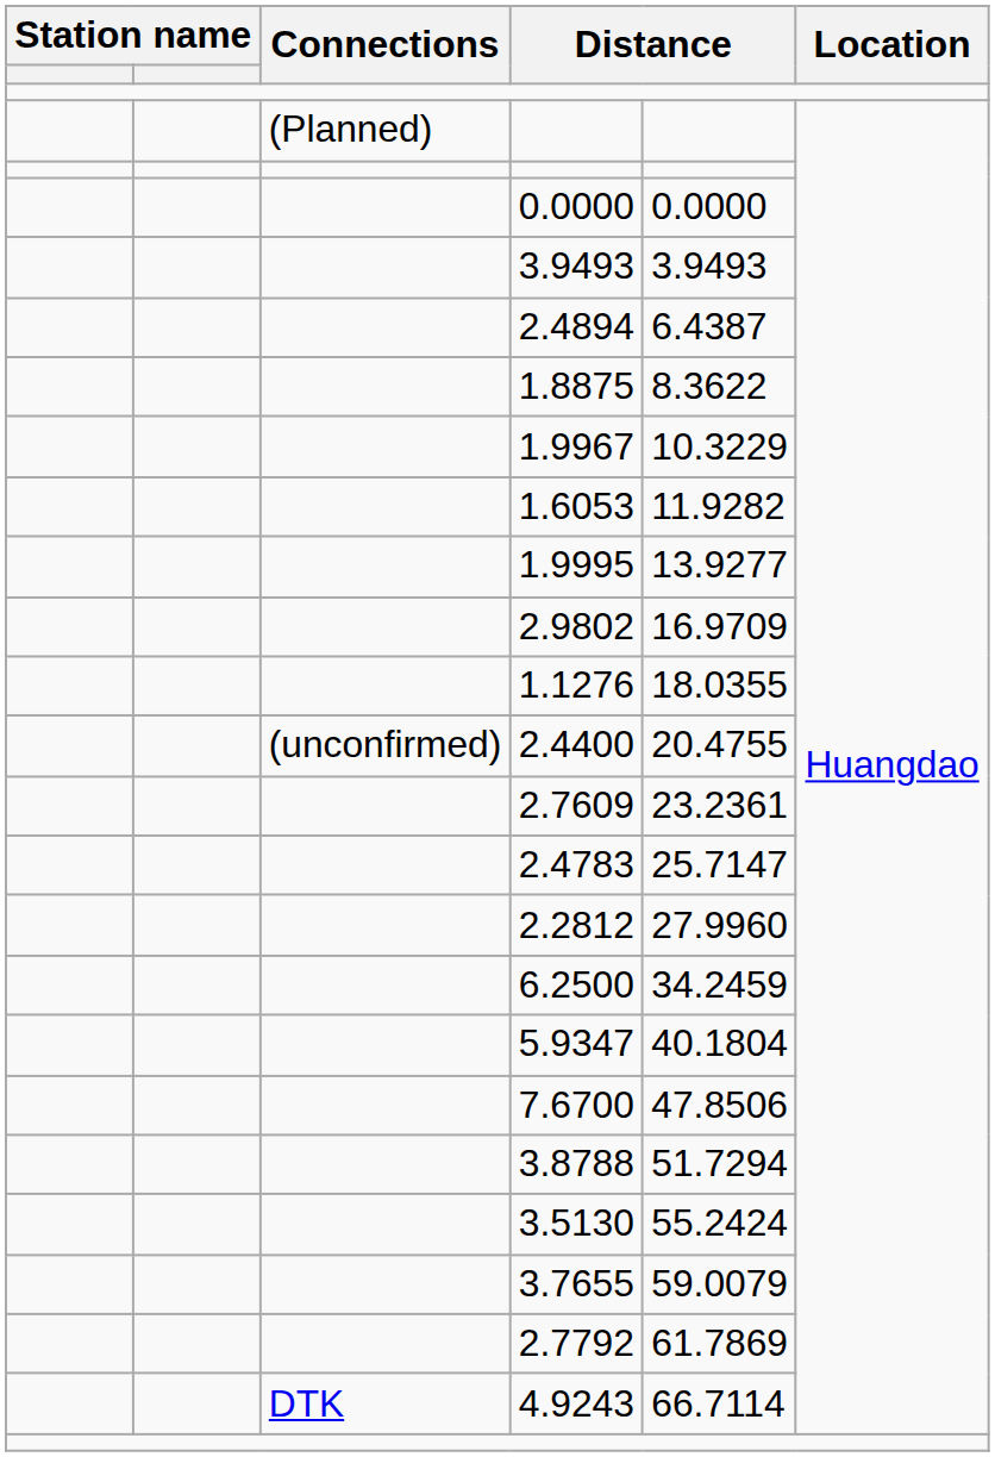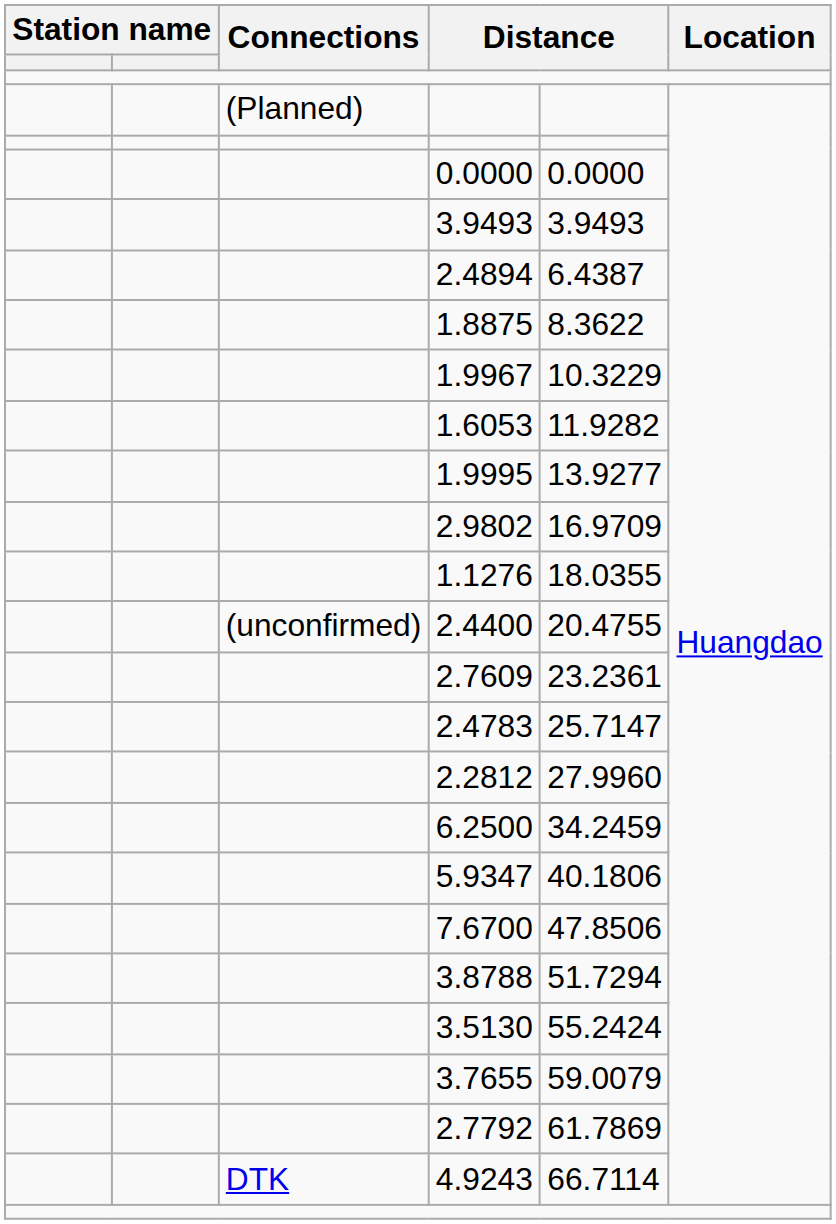 <table class="wikitable">
 <tr>
 <th colspan=2>Station name</th>
 <th rowspan=2>Connections</th>
 <th colspan="2" rowspan="2">Distance<br></th>
 <th rowspan=2>Location</th>
 </tr>
 <tr>
 <th></th>
 <th></th>
 </tr>
 <tr style="background:#">
 <td colspan = "6"></td>
 </tr>
 <tr>
 <td></td>
 <td></td>
 <td> (Planned)</td>
 <td></td>
 <td></td>
 <td rowspan="23"><a href='#'>Huangdao</a></td>
 </tr>
 <tr>
 <td></td>
 <td></td>
 <td></td>
 <td></td>
 <td></td>
 </tr>
 <tr>
 <td></td>
 <td></td>
 <td></td>
 <td>0.0000</td>
 <td>0.0000</td>
 </tr>
 <tr>
 <td></td>
 <td></td>
 <td></td>
 <td>3.9493</td>
 <td>3.9493</td>
 </tr>
 <tr>
 <td></td>
 <td></td>
 <td></td>
 <td>2.4894</td>
 <td>6.4387</td>
 </tr>
 <tr>
 <td></td>
 <td></td>
 <td></td>
 <td>1.8875</td>
 <td>8.3622</td>
 </tr>
 <tr>
 <td></td>
 <td></td>
 <td></td>
 <td>1.9967</td>
 <td>10.3229</td>
 </tr>
 <tr>
 <td></td>
 <td></td>
 <td></td>
 <td>1.6053</td>
 <td>11.9282</td>
 </tr>
 <tr>
 <td></td>
 <td></td>
 <td></td>
 <td>1.9995</td>
 <td>13.9277</td>
 </tr>
 <tr>
 <td></td>
 <td></td>
 <td></td>
 <td>2.9802</td>
 <td>16.9709</td>
 </tr>
 <tr>
 <td></td>
 <td></td>
 <td></td>
 <td>1.1276</td>
 <td>18.0355</td>
 </tr>
 <tr>
 <td></td>
 <td></td>
 <td> (unconfirmed)</td>
 <td>2.4400</td>
 <td>20.4755</td>
 </tr>
 <tr>
 <td></td>
 <td></td>
 <td></td>
 <td>2.7609</td>
 <td>23.2361</td>
 </tr>
 <tr>
 <td></td>
 <td></td>
 <td></td>
 <td>2.4783</td>
 <td>25.7147</td>
 </tr>
 <tr>
 <td></td>
 <td></td>
 <td></td>
 <td>2.2812</td>
 <td>27.9960</td>
 </tr>
 <tr>
 <td></td>
 <td></td>
 <td></td>
 <td>6.2500</td>
 <td>34.2459</td>
 </tr>
 <tr>
 <td></td>
 <td></td>
 <td></td>
 <td>5.9347</td>
-<td>40.1804</td>
+<td>40.1806</td>
 </tr>
 <tr>
 <td></td>
 <td></td>
 <td></td>
 <td>7.6700</td>
 <td>47.8506</td>
 </tr>
 <tr>
 <td></td>
 <td></td>
 <td></td>
 <td>3.8788</td>
 <td>51.7294</td>
 </tr>
 <tr>
 <td></td>
 <td></td>
 <td></td>
 <td>3.5130</td>
 <td>55.2424</td>
 </tr>
 <tr>
 <td></td>
 <td></td>
 <td></td>
 <td>3.7655</td>
 <td>59.0079</td>
 </tr>
 <tr>
 <td></td>
 <td></td>
 <td></td>
 <td>2.7792</td>
 <td>61.7869</td>
 </tr>
 <tr>
 <td></td>
 <td></td>
 <td> <a href='#'>DTK</a></td>
 <td>4.9243</td>
 <td>66.7114</td>
 </tr>
 <tr style="background:#">
 <td colspan = "6"></td>
 </tr>
 </table>
